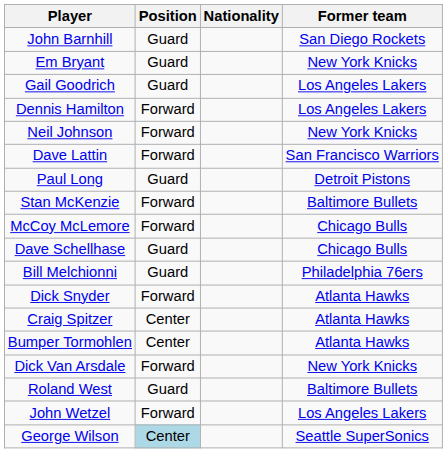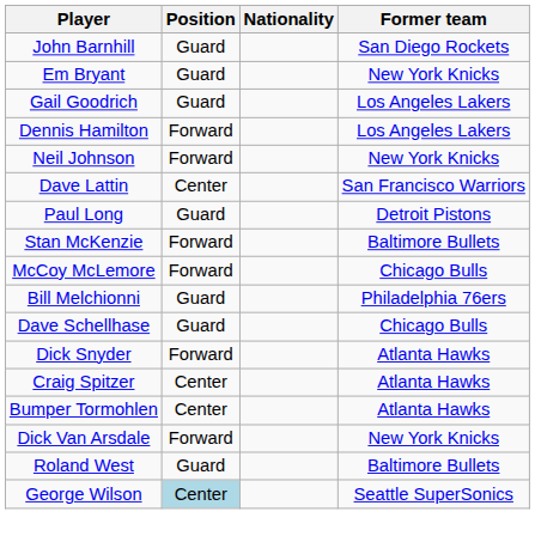 <table class="wikitable">
 <tr>
 <th>Player</th>
 <th>Position</th>
 <th>Nationality</th>
 <th>Former team</th>
 </tr>
 <tr style="text-align: center">
 <td><a href='#'>John Barnhill</a></td>
 <td>Guard</td>
 <td></td>
 <td><a href='#'>San Diego Rockets</a></td>
 </tr>
 <tr style="text-align: center">
 <td><a href='#'>Em Bryant</a></td>
 <td>Guard</td>
 <td></td>
 <td><a href='#'>New York Knicks</a></td>
 </tr>
 <tr style="text-align: center">
 <td><a href='#'>Gail Goodrich</a></td>
 <td>Guard</td>
 <td></td>
 <td><a href='#'>Los Angeles Lakers</a></td>
 </tr>
 <tr style="text-align: center">
 <td><a href='#'>Dennis Hamilton</a></td>
 <td>Forward</td>
 <td></td>
 <td><a href='#'>Los Angeles Lakers</a></td>
 </tr>
 <tr style="text-align: center">
 <td><a href='#'>Neil Johnson</a></td>
 <td>Forward</td>
 <td></td>
 <td><a href='#'>New York Knicks</a></td>
 </tr>
 <tr style="text-align: center">
 <td><a href='#'>Dave Lattin</a></td>
-<td>Forward</td>
+<td>Center</td>
 <td></td>
 <td><a href='#'>San Francisco Warriors</a></td>
 </tr>
 <tr style="text-align: center">
 <td><a href='#'>Paul Long</a></td>
 <td>Guard</td>
 <td></td>
 <td><a href='#'>Detroit Pistons</a></td>
 </tr>
 <tr style="text-align: center">
 <td><a href='#'>Stan McKenzie</a></td>
 <td>Forward</td>
 <td></td>
 <td><a href='#'>Baltimore Bullets</a></td>
 </tr>
 <tr style="text-align: center">
 <td><a href='#'>McCoy McLemore</a></td>
 <td>Forward</td>
 <td></td>
 <td><a href='#'>Chicago Bulls</a></td>
 </tr>
 <tr style="text-align: center">
+<td><a href='#'>Bill Melchionni</a></td>
+<td>Guard</td>
+<td></td>
+<td><a href='#'>Philadelphia 76ers</a></td>
+</tr>
+<tr style="text-align: center">
 <td><a href='#'>Dave Schellhase</a></td>
 <td>Guard</td>
 <td></td>
 <td><a href='#'>Chicago Bulls</a></td>
-</tr>
-<tr style="text-align: center">
-<td><a href='#'>Bill Melchionni</a></td>
-<td>Guard</td>
-<td></td>
-<td><a href='#'>Philadelphia 76ers</a></td>
 </tr>
 <tr style="text-align: center">
 <td><a href='#'>Dick Snyder</a></td>
 <td>Forward</td>
 <td></td>
 <td><a href='#'>Atlanta Hawks</a></td>
 </tr>
 <tr style="text-align: center">
 <td><a href='#'>Craig Spitzer</a></td>
 <td>Center</td>
 <td></td>
 <td><a href='#'>Atlanta Hawks</a></td>
 </tr>
 <tr style="text-align: center">
 <td><a href='#'>Bumper Tormohlen</a></td>
 <td>Center</td>
 <td></td>
 <td><a href='#'>Atlanta Hawks</a></td>
 </tr>
 <tr style="text-align: center">
 <td><a href='#'>Dick Van Arsdale</a></td>
 <td>Forward</td>
 <td></td>
 <td><a href='#'>New York Knicks</a></td>
 </tr>
 <tr style="text-align: center">
 <td><a href='#'>Roland West</a></td>
 <td>Guard</td>
 <td></td>
 <td><a href='#'>Baltimore Bullets</a></td>
 </tr>
 <tr style="text-align: center">
-<td><a href='#'>John Wetzel</a></td>
-<td>Forward</td>
-<td></td>
-<td><a href='#'>Los Angeles Lakers</a></td>
-</tr>
-<tr style="text-align: center">
 <td><a href='#'>George Wilson</a></td>
 <td style="background: lightblue;">Center</td>
 <td></td>
 <td><a href='#'>Seattle SuperSonics</a></td>
 </tr>
 </table>
